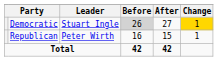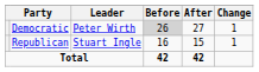 <table class="wikitable" style="text-align:center;">
 <tr>
 </tr>
 <tr>
 <th colspan=2>Party</th>
 <th>Leader</th>
 <th>Before</th>
 <th>After</th>
 <th>Change</th>
 </tr>
 <tr>
 <th style="background-color:"></th>
 <td style="text-align:left;"><a href='#'>Democratic</a></td>
-<td style="text-align:left;"><a href='#'>Stuart Ingle</a></td>
+<td style="text-align:left;"><a href='#'>Peter Wirth</a></td>
 <td style="background: lightgrey;">26</td>
 <td>27</td>
-<td style="background: gold;"> 1</td>
+<td> 1</td>
 </tr>
 <tr>
 <th style="background-color:"></th>
 <td style="text-align:left;"><a href='#'>Republican</a></td>
-<td style="text-align:left;"><a href='#'>Peter Wirth</a></td>
+<td style="text-align:left;"><a href='#'>Stuart Ingle</a></td>
 <td>16</td>
 <td>15</td>
 <td> 1</td>
 </tr>
 <tr>
 <td colspan=3><strong>Total</strong></td>
 <td><strong>42</strong></td>
 <td><strong>42</strong></td>
 <td></td>
 </tr>
 </table>
